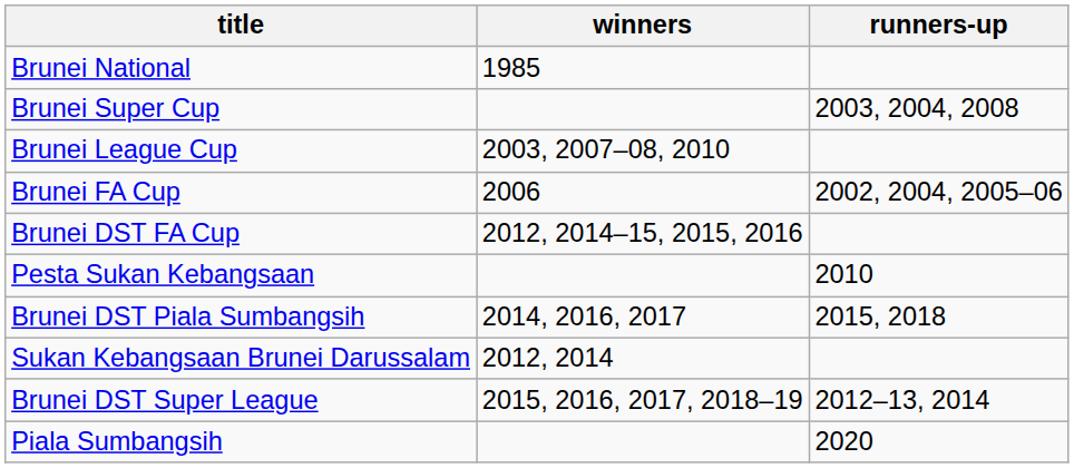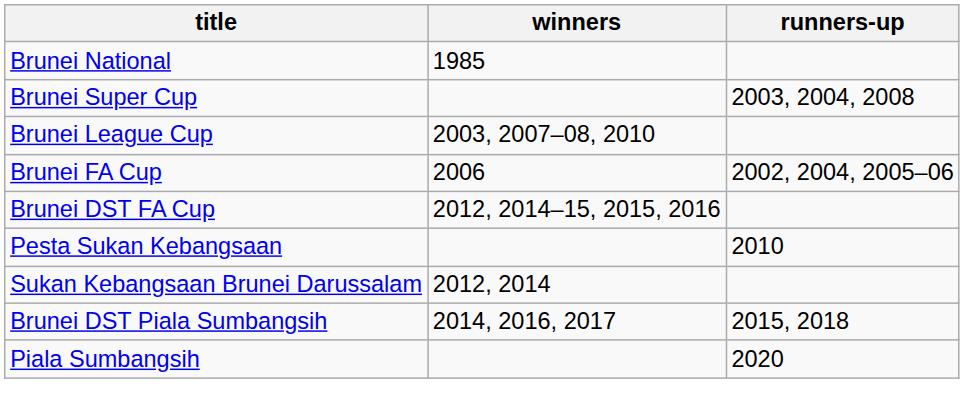 <table class="wikitable sortable" style=valign:top>
 <tr>
 <th>title</th>
 <th>winners</th>
 <th>runners-up</th>
 </tr>
 <tr>
 <td><a href='#'>Brunei National</a></td>
 <td>1985</td>
 <td></td>
 </tr>
 <tr>
 <td><a href='#'>Brunei Super Cup</a></td>
 <td></td>
 <td>2003, 2004, 2008</td>
 </tr>
 <tr>
 <td><a href='#'>Brunei League Cup</a></td>
 <td>2003, 2007–08, 2010</td>
 <td></td>
 </tr>
 <tr>
 <td><a href='#'>Brunei FA Cup</a> </td>
 <td>2006</td>
 <td>2002, 2004, 2005–06</td>
 </tr>
 <tr>
 <td><a href='#'>Brunei DST FA Cup</a> </td>
 <td>2012, 2014–15, 2015, 2016</td>
 <td></td>
 </tr>
 <tr>
 <td><a href='#'>Pesta Sukan Kebangsaan</a></td>
 <td></td>
 <td>2010</td>
 </tr>
 <tr>
-<td><a href='#'>Brunei DST Piala Sumbangsih</a></td>
-<td>2014, 2016, 2017</td>
-<td>2015, 2018</td>
-</tr>
-<tr>
 <td><a href='#'>Sukan Kebangsaan Brunei Darussalam</a></td>
 <td>2012, 2014</td>
 <td></td>
 </tr>
 <tr>
-<td><a href='#'>Brunei DST Super League</a></td>
-<td>2015, 2016, 2017, 2018–19</td>
-<td>2012–13, 2014</td>
+<td><a href='#'>Brunei DST Piala Sumbangsih</a></td>
+<td>2014, 2016, 2017</td>
+<td>2015, 2018</td>
 </tr>
 <tr>
 <td><a href='#'>Piala Sumbangsih</a></td>
 <td></td>
 <td>2020</td>
 </tr>
 </table>
